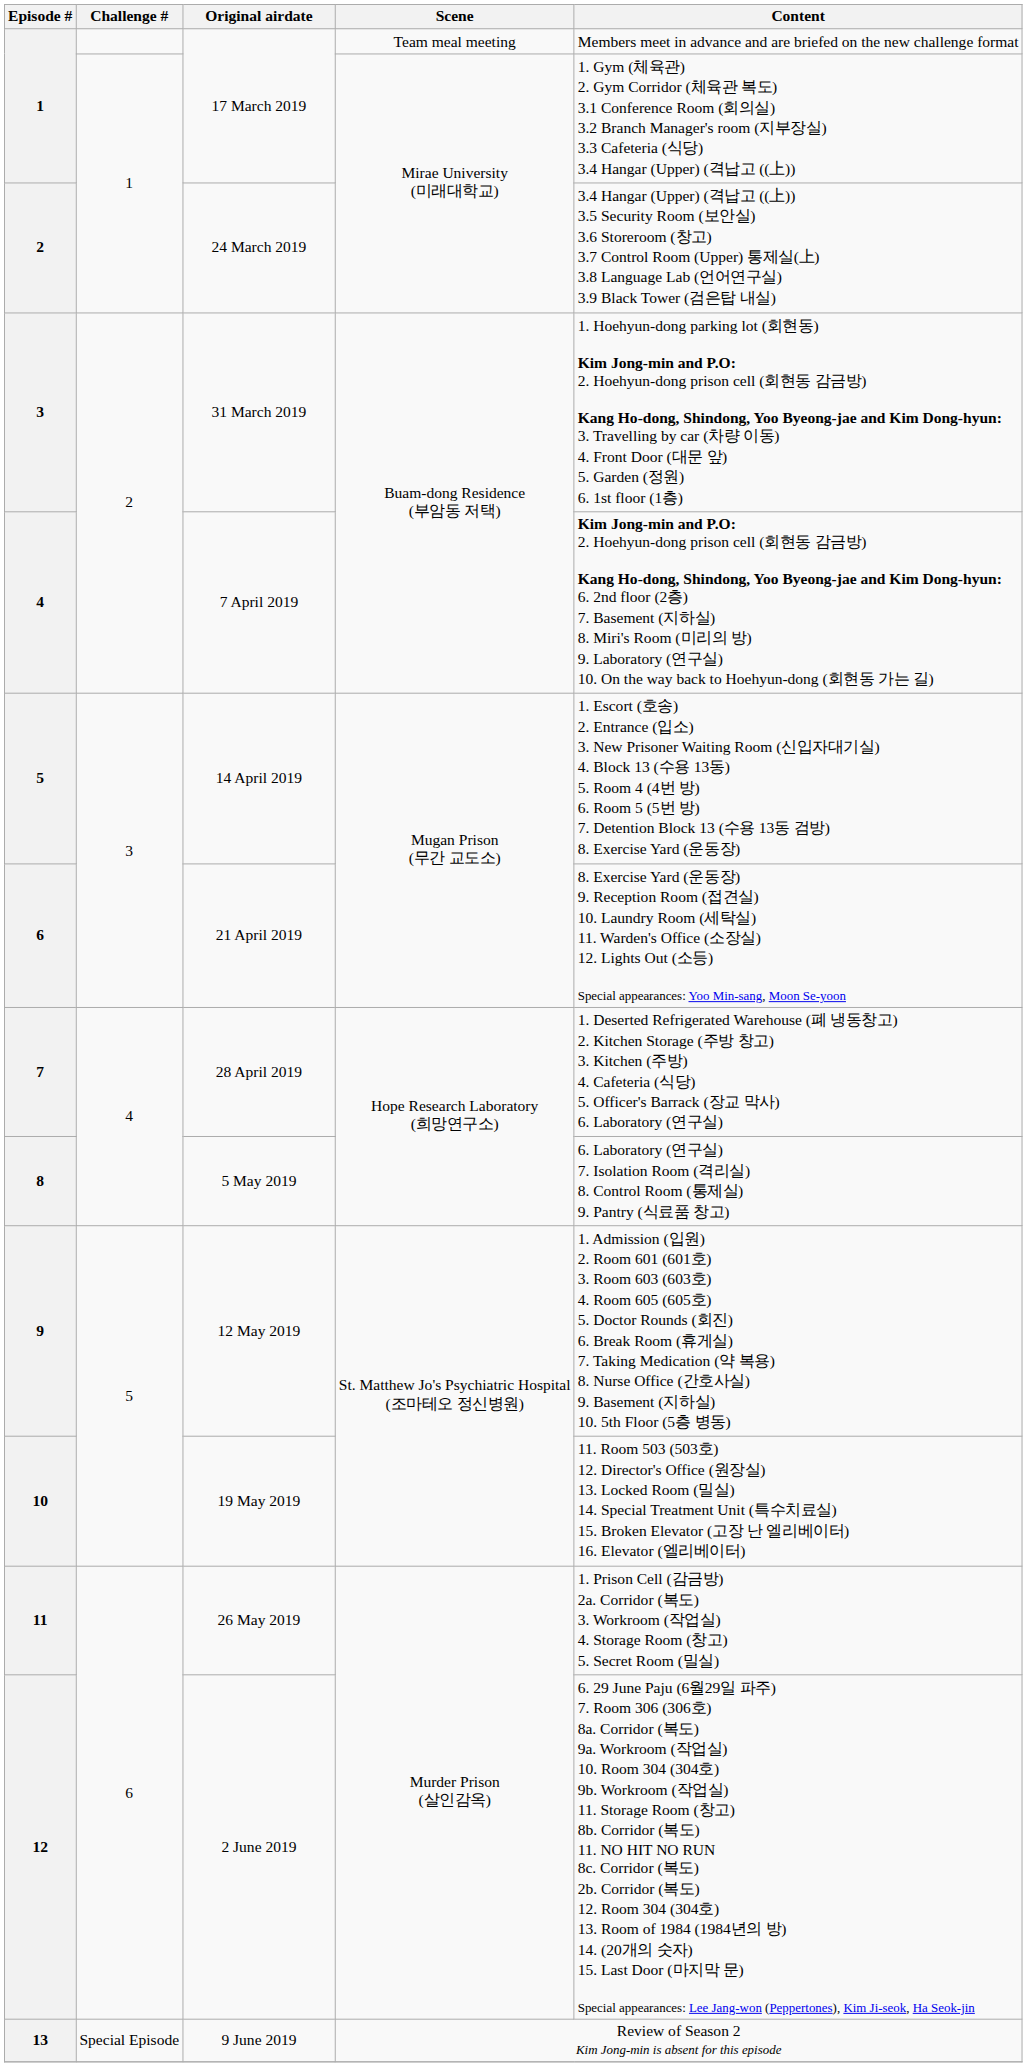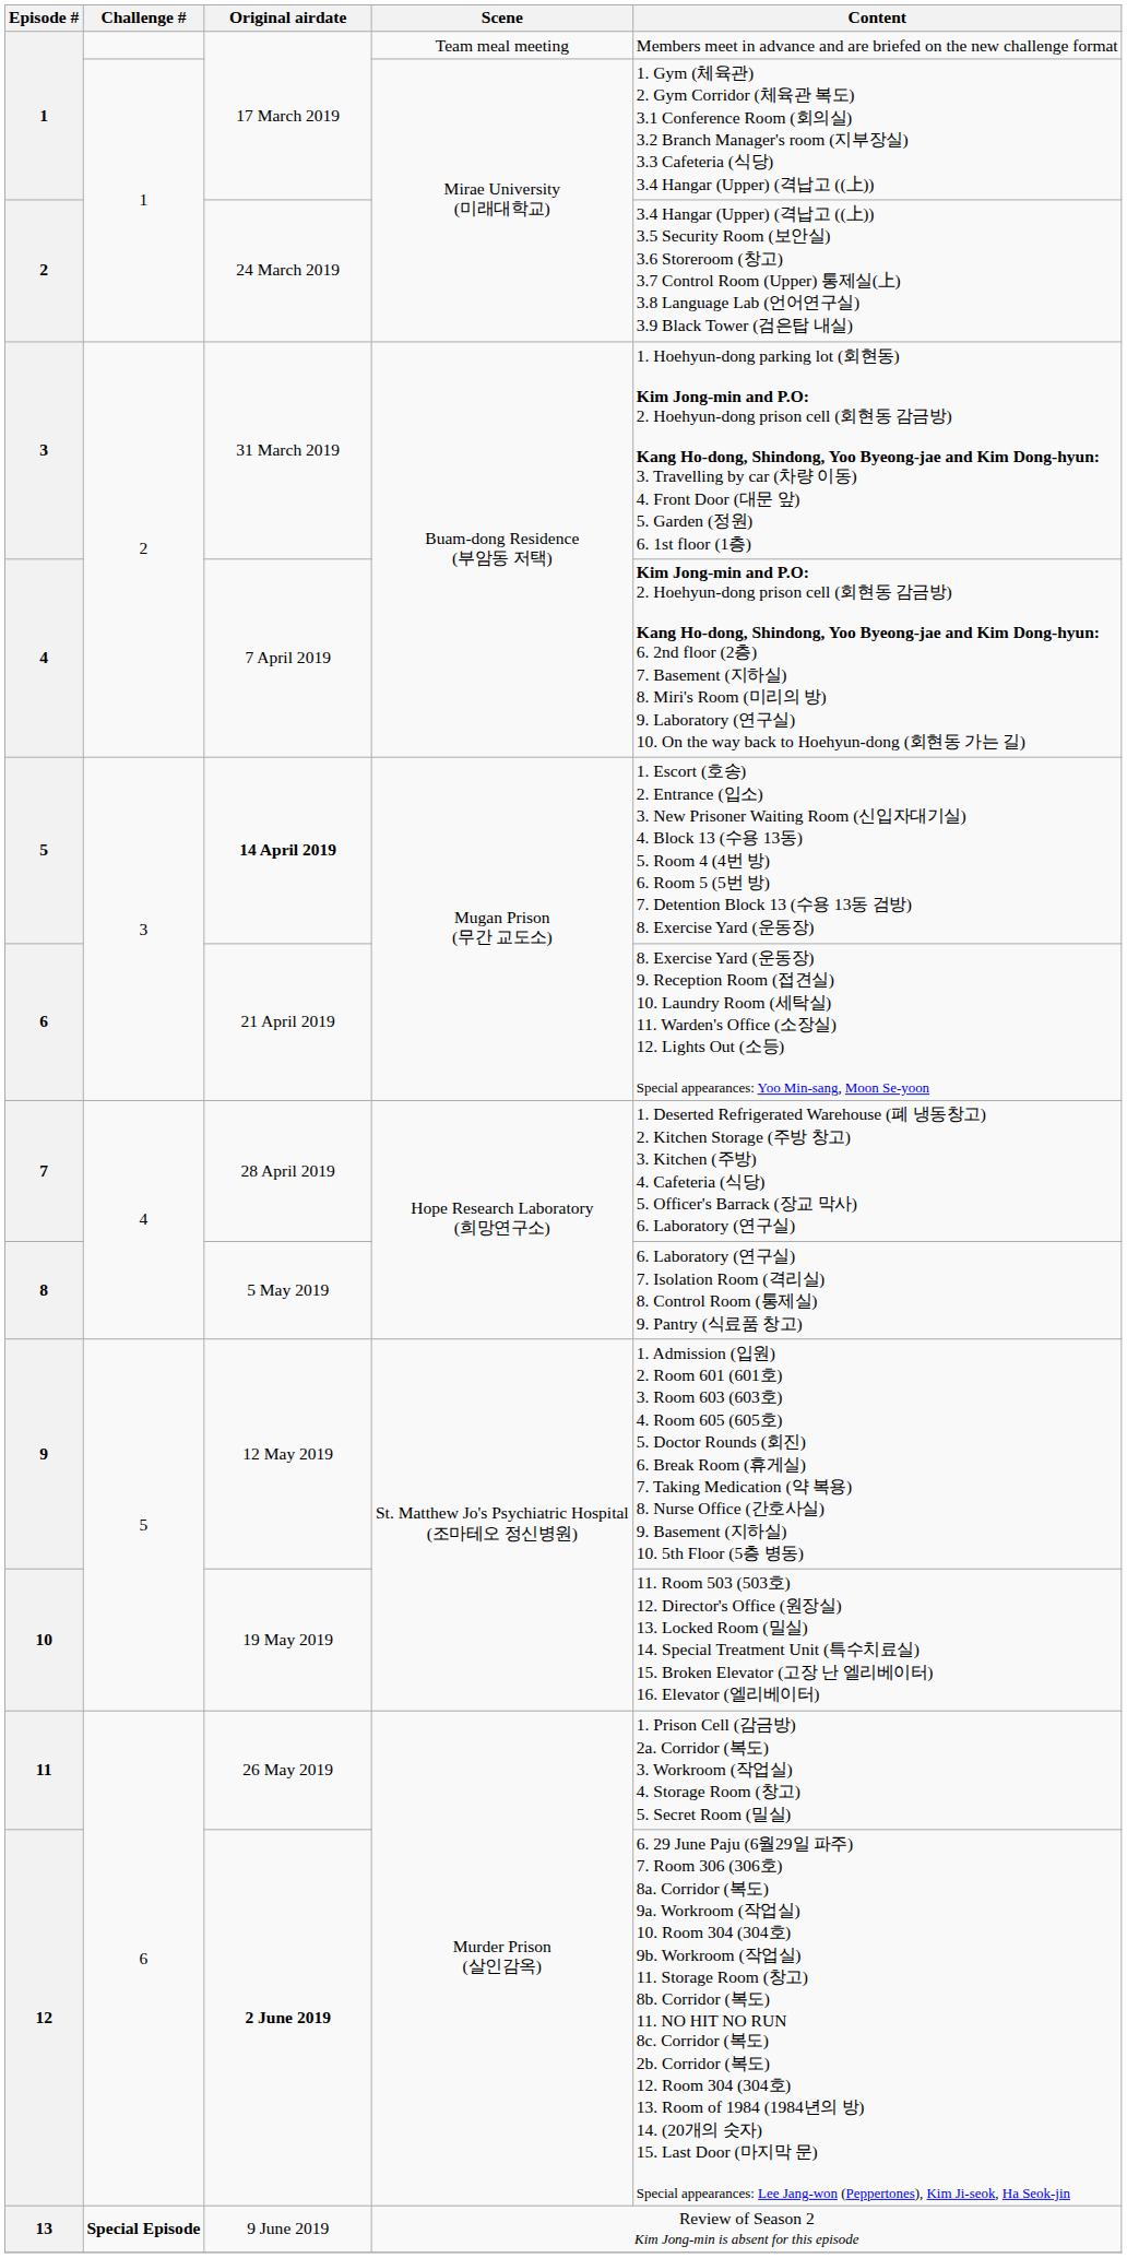 <table class=wikitable style=text-align:center>
 <tr>
 <th>Episode #</th>
 <th>Challenge #</th>
 <th style=width:15%>Original airdate</th>
 <th>Scene</th>
 <th>Content</th>
 </tr>
 <tr>
 <th rowspan=2>1</th>
 <td></td>
 <td rowspan=2>17 March 2019</td>
 <td>Team meal meeting</td>
 <td style=text-align:left>Members meet in advance and are briefed on the new challenge format</td>
 </tr>
 <tr>
 <td rowspan=2>1</td>
 <td rowspan=2>Mirae University<br>(미래대학교)</td>
 <td style=text-align:left>1. Gym (체육관)<br>2. Gym Corridor (체육관 복도)<br>3.1 Conference Room (회의실)<br>3.2 Branch Manager's room (지부장실)<br>3.3 Cafeteria (식당)<br>3.4 Hangar (Upper) (격납고 ((上))</td>
 </tr>
 <tr>
 <th>2</th>
 <td>24 March 2019</td>
 <td style=text-align:left>3.4 Hangar (Upper) (격납고 ((上))<br>3.5 Security Room (보안실)<br>3.6 Storeroom (창고)<br>3.7 Control Room (Upper) 통제실(上)<br>3.8 Language Lab (언어연구실)<br>3.9 Black Tower (검은탑 내실)<br><strong></strong></td>
 </tr>
 <tr>
 <th>3</th>
 <td rowspan=2>2</td>
 <td>31 March 2019</td>
 <td rowspan=2>Buam-dong Residence<br>(부암동 저택)</td>
 <td style=text-align:left>1. Hoehyun-dong parking lot (회현동)<br><br><strong>Kim Jong-min and P.O:</strong><br>2. Hoehyun-dong prison cell (회현동 감금방)<br><br><strong>Kang Ho-dong, Shindong, Yoo Byeong-jae and Kim Dong-hyun:</strong><br>3. Travelling by car (차량 이동)<br>4. Front Door (대문 앞)<br>5. Garden (정원)<br>6. 1st floor (1층)</td>
 </tr>
 <tr>
 <th>4</th>
 <td>7 April 2019</td>
 <td style=text-align:left><strong>Kim Jong-min and P.O:</strong><br>2. Hoehyun-dong prison cell (회현동 감금방)<br><br><strong>Kang Ho-dong, Shindong, Yoo Byeong-jae and Kim Dong-hyun:</strong><br>6. 2nd floor (2층)<br>7. Basement (지하실)<br>8. Miri's Room (미리의 방)<br>9. Laboratory (연구실)<br>10. On the way back to Hoehyun-dong (회현동 가는 길)<br><strong></strong></td>
 </tr>
 <tr>
 <th>5</th>
 <td rowspan=2>3</td>
-<td>14 April 2019</td>
+<td><strong>14 April 2019</strong></td>
 <td rowspan=2>Mugan Prison<br>(무간 교도소)</td>
 <td style=text-align:left>1.  Escort (호송)<br>2. Entrance (입소)<br>3. New Prisoner Waiting Room (신입자대기실)<br>4. Block 13 (수용 13동)<br>5. Room 4 (4번 방)<br>6. Room 5 (5번 방)<br>7. Detention Block 13 (수용 13동 검방)<br>8. Exercise Yard (운동장)</td>
 </tr>
 <tr>
 <th>6</th>
 <td>21 April 2019</td>
 <td style=text-align:left>8. Exercise Yard (운동장)<br>9. Reception Room (접견실)<br>10. Laundry Room (세탁실)<br>11. Warden's Office (소장실)<br>12. Lights Out (소등)<br><strong></strong><br><small>Special appearances: <a href='#'>Yoo Min-sang</a>, <a href='#'>Moon Se-yoon</a></small></td>
 </tr>
 <tr>
 <th>7</th>
 <td rowspan=2>4</td>
 <td>28 April 2019</td>
 <td rowspan=2>Hope Research Laboratory <br>(희망연구소)</td>
 <td style=text-align:left>1. Deserted Refrigerated Warehouse (폐 냉동창고)<br>2. Kitchen Storage (주방 창고)<br>3. Kitchen (주방)<br>4. Cafeteria (식당)<br>5. Officer's Barrack (장교 막사)<br>6. Laboratory (연구실)</td>
 </tr>
 <tr>
 <th>8</th>
 <td>5 May 2019</td>
 <td style=text-align:left>6. Laboratory (연구실)<br>7. Isolation Room (격리실)<br>8. Control Room (통제실)<br>9. Pantry (식료품 창고)<br><strong></strong></td>
 </tr>
 <tr>
 <th>9</th>
 <td rowspan=2>5</td>
 <td>12 May 2019</td>
 <td rowspan=2>St. Matthew Jo's Psychiatric Hospital<br>(조마테오 정신병원)</td>
 <td style=text-align:left>1. Admission (입원)<br>2. Room 601 (601호)<br>3. Room 603 (603호)<br>4. Room 605 (605호)<br>5. Doctor Rounds (회진)<br>6. Break Room (휴게실)<br>7. Taking Medication (약 복용)<br>8. Nurse Office (간호사실)<br>9. Basement (지하실)<br>10. 5th Floor (5층 병동)</td>
 </tr>
 <tr>
 <th>10</th>
 <td>19 May 2019</td>
 <td style=text-align:left>11. Room 503 (503호)<br>12. Director's Office (원장실)<br>13. Locked Room (밀실)<br>14. Special Treatment Unit (특수치료실)<br>15. Broken Elevator (고장 난 엘리베이터)<br>16. Elevator (엘리베이터)<br><strong></strong></td>
 </tr>
 <tr>
 <th>11</th>
 <td rowspan=2>6</td>
 <td>26 May 2019</td>
 <td rowspan=2>Murder Prison<br>(살인감옥)</td>
 <td style=text-align:left>1. Prison Cell (감금방)<br>2a. Corridor (복도)<br>3. Workroom (작업실)<br>4. Storage Room (창고)<br>5. Secret Room (밀실)</td>
 </tr>
 <tr>
 <th>12</th>
-<td>2 June 2019</td>
+<td><strong>2 June 2019</strong></td>
 <td style=text-align:left>6. 29 June Paju (6월29일 파주)<br>7. Room 306 (306호)<br>8a. Corridor (복도)<br>9a. Workroom (작업실)<br>10. Room 304 (304호)<br>9b. Workroom (작업실)<br>11. Storage Room (창고)<br>8b. Corridor (복도)<br>11. NO HIT NO RUN<br>8c. Corridor (복도)<br>2b. Corridor (복도)<br>12. Room 304 (304호)<br>13. Room of 1984 (1984년의 방)<br>14. (20개의 숫자)<br>15. Last Door (마지막 문)<br><strong></strong><br><small>Special appearances: <a href='#'>Lee Jang-won</a> (<a href='#'>Peppertones</a>), <a href='#'>Kim Ji-seok</a>, <a href='#'>Ha Seok-jin</a></small></td>
 </tr>
 <tr>
 <th>13</th>
-<td>Special Episode</td>
+<td><strong>Special Episode</strong></td>
 <td>9 June 2019</td>
 <td colspan="2">Review of Season 2<br><em><small>Kim Jong-min is absent for this episode</small></em></td>
 </tr>
 <tr>
 </tr>
 </table>
